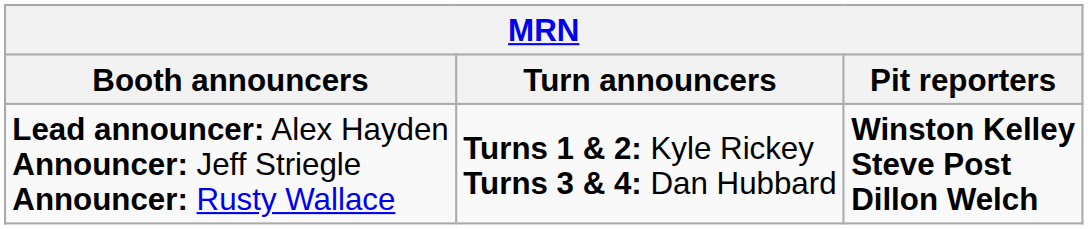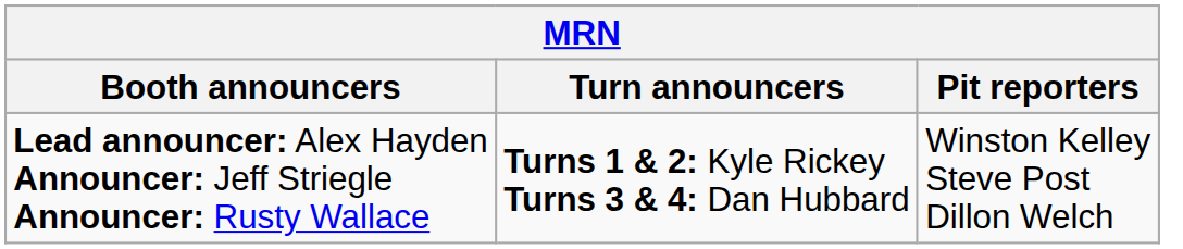 <table class="wikitable" style="font-size: 95%">
 <tr>
 <th colspan="3"><a href='#'>MRN</a></th>
 </tr>
 <tr>
 <th>Booth announcers</th>
 <th>Turn announcers</th>
 <th>Pit reporters</th>
 </tr>
 <tr>
 <td><strong>Lead announcer:</strong> Alex Hayden<br><strong>Announcer:</strong> Jeff Striegle<br><strong>Announcer:</strong> <a href='#'>Rusty Wallace</a></td>
 <td><strong>Turns 1 & 2:</strong> Kyle Rickey<br><strong>Turns 3 & 4:</strong> Dan Hubbard</td>
-<td><strong>Winston Kelley<br>Steve Post<br>Dillon Welch</strong></td>
+<td>Winston Kelley<br>Steve Post<br>Dillon Welch</td>
 </tr>
 </table>
